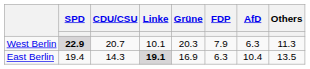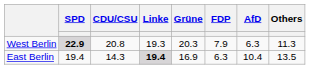 <table class="wikitable sortable" style="text-align: center; font-size: 90%; line-height: 14px;">
 <tr style="height: 40px;">
 <th rowspan="2"></th>
 <th style="width: 40px;"><a href='#'>SPD</a></th>
 <th style="width: 40px;"><a href='#'>CDU/CSU</a></th>
 <th style="width: 40px;"><a href='#'>Linke</a></th>
 <th style="width: 40px;"><a href='#'>Grüne</a></th>
 <th style="width: 40px;"><a href='#'>FDP</a></th>
 <th style="width: 40px;"><a href='#'>AfD</a></th>
 <th style="width: 40px;">Others</th>
 </tr>
 <tr>
 <th style="background:"></th>
 <th style="background:"></th>
 <th style="background:"></th>
 <th style="background:"></th>
 <th style="background:"></th>
 <th style="background:"></th>
 <th style="background:"></th>
 </tr>
 <tr>
 <td style="text-align: left;"><a href='#'>West Berlin</a></td>
 <td style="background: #D7D5D7;"><strong>22.9 </strong></td>
-<td>20.7</td>
-<td>10.1</td>
+<td>20.8</td>
+<td>19.3</td>
 <td>20.3</td>
 <td>7.9</td>
 <td>6.3</td>
 <td>11.3</td>
 </tr>
 <tr>
 <td style="text-align: left;"><a href='#'>East Berlin</a></td>
 <td>19.4</td>
 <td>14.3</td>
-<td style="background: #D7D5D7;"><strong>19.1</strong></td>
+<td style="background: #D7D5D7;"><strong>19.4</strong></td>
 <td>16.9</td>
 <td>6.3</td>
 <td>10.4</td>
 <td>13.5</td>
 </tr>
 </table>
